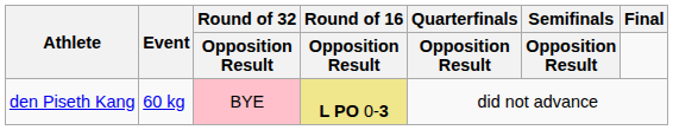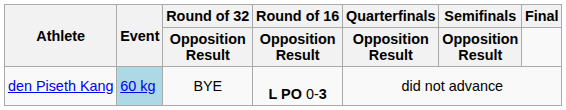 <table class="wikitable" border="1" style="font-size:90%">
 <tr>
 <th rowspan=2>Athlete</th>
 <th rowspan=2>Event</th>
 <th>Round of 32</th>
 <th>Round of 16</th>
 <th>Quarterfinals</th>
 <th>Semifinals</th>
 <th>Final</th>
 </tr>
 <tr>
 <th>Opposition<br>Result</th>
 <th>Opposition<br>Result</th>
 <th>Opposition<br>Result</th>
 <th>Opposition<br>Result</th>
 </tr>
 <tr>
 <td><a href='#'>den Piseth Kang</a></td>
-<td><a href='#'>60 kg</a></td>
-<td align=center style="background: pink;">BYE</td>
-<td align=center style="background: khaki;"><br><strong>L PO</strong> 0-<strong>3</strong></td>
+<td style="background: lightblue;"><a href='#'>60 kg</a></td>
+<td align=center>BYE</td>
+<td align=center><br><strong>L PO</strong> 0-<strong>3</strong></td>
 <td align=center colspan="7">did not advance</td>
 </tr>
 </table>
